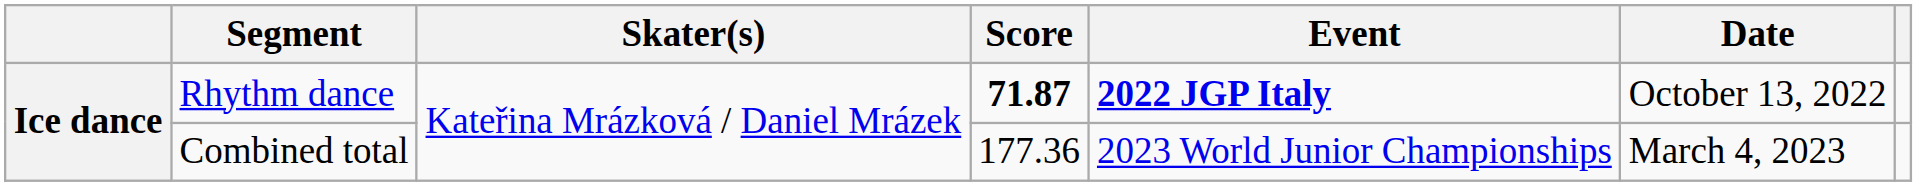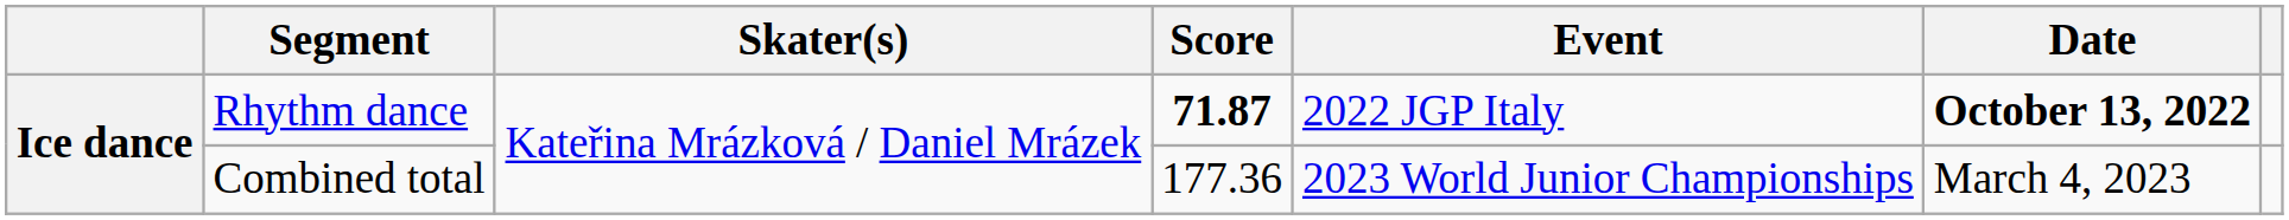 <table class="wikitable unsortable style="text-align:left">
 <tr>
 <th scope="col"></th>
 <th scope="col">Segment</th>
 <th scope="col">Skater(s)</th>
 <th scope="col">Score</th>
 <th scope="col">Event</th>
 <th scope="col">Date</th>
 <th scope="col"></th>
 </tr>
 <tr>
 <th scope="row" style="text-align:left" rowspan="2">Ice dance</th>
 <td><a href='#'>Rhythm dance</a></td>
 <td rowspan="2"> <a href='#'>Kateřina Mrázková</a> / <a href='#'>Daniel Mrázek</a></td>
 <td style="text-align:center;"><strong>71.87</strong></td>
-<td><strong><a href='#'>2022 JGP Italy</a></strong></td>
-<td>October 13, 2022</td>
+<td><a href='#'>2022 JGP Italy</a></td>
+<td><strong>October 13, 2022</strong></td>
 <td></td>
 </tr>
 <tr>
 <td>Combined total</td>
 <td style="text-align:center;">177.36</td>
 <td><a href='#'>2023 World Junior Championships</a></td>
 <td>March 4, 2023</td>
 <td></td>
 </tr>
 </table>
